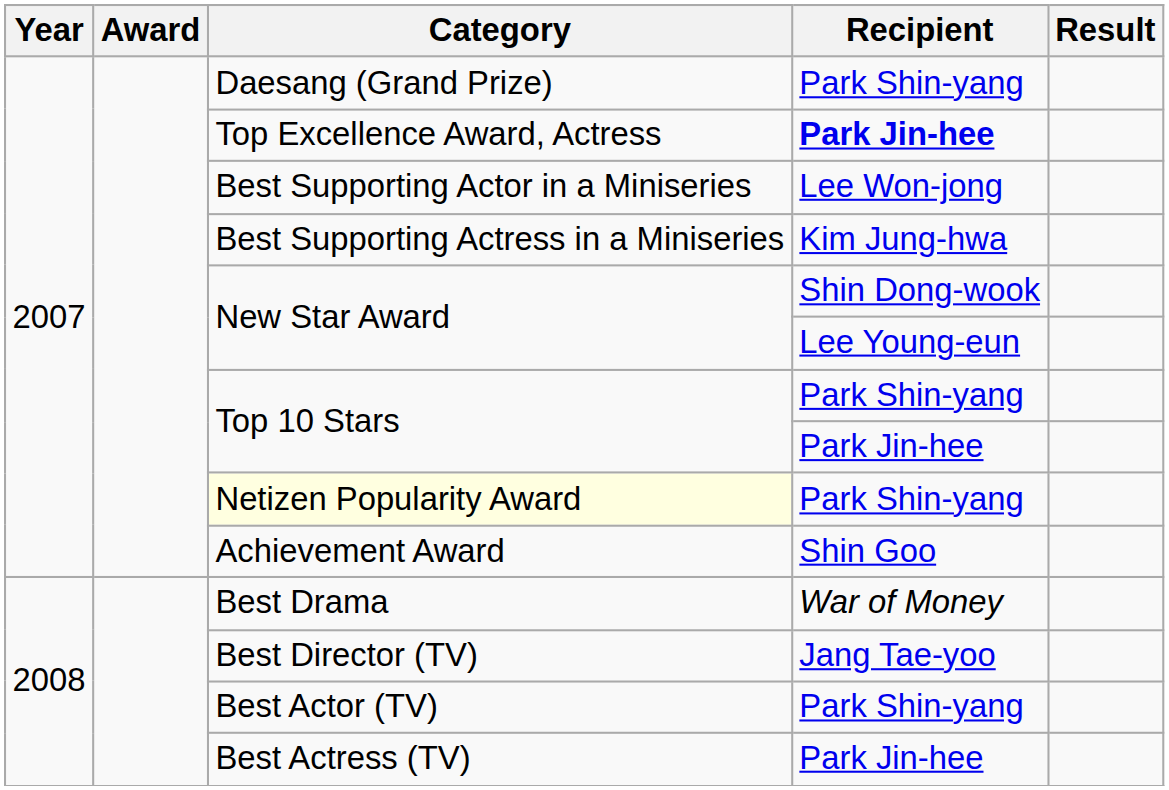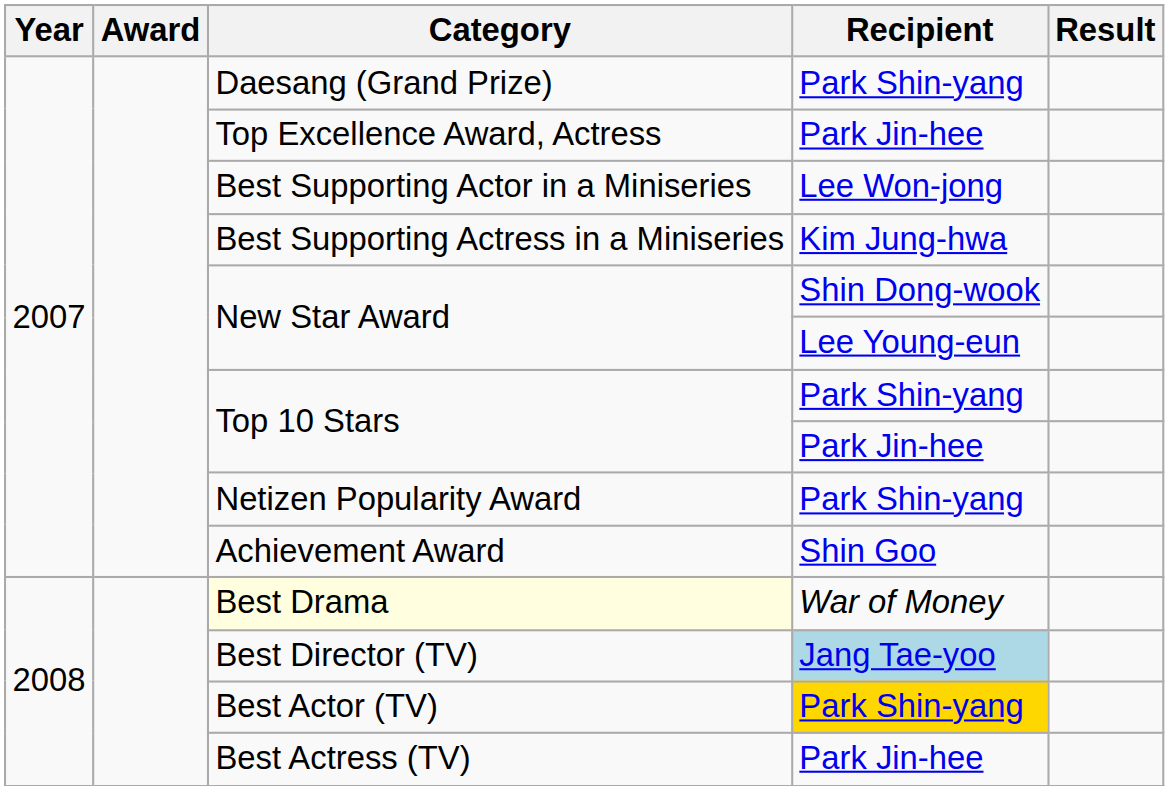 <table class="wikitable">
 <tr>
 <th>Year</th>
 <th>Award</th>
 <th>Category</th>
 <th>Recipient</th>
 <th>Result</th>
 </tr>
 <tr>
 <td rowspan=10>2007</td>
 <td rowspan=10></td>
 <td>Daesang (Grand Prize)</td>
 <td><a href='#'>Park Shin-yang</a></td>
 <td></td>
 </tr>
 <tr>
 <td>Top Excellence Award, Actress</td>
-<td><strong><a href='#'>Park Jin-hee</a></strong></td>
+<td><a href='#'>Park Jin-hee</a></td>
 <td></td>
 </tr>
 <tr>
 <td>Best Supporting Actor in a Miniseries</td>
 <td><a href='#'>Lee Won-jong</a></td>
 <td></td>
 </tr>
 <tr>
 <td>Best Supporting Actress in a Miniseries</td>
 <td><a href='#'>Kim Jung-hwa</a></td>
 <td></td>
 </tr>
 <tr>
 <td rowspan=2>New Star Award</td>
 <td><a href='#'>Shin Dong-wook</a></td>
 <td></td>
 </tr>
 <tr>
 <td><a href='#'>Lee Young-eun</a></td>
 <td></td>
 </tr>
 <tr>
 <td rowspan=2>Top 10 Stars</td>
 <td><a href='#'>Park Shin-yang</a></td>
 <td></td>
 </tr>
 <tr>
 <td><a href='#'>Park Jin-hee</a></td>
 <td></td>
 </tr>
 <tr>
-<td style="background: lightyellow;">Netizen Popularity Award</td>
+<td>Netizen Popularity Award</td>
 <td><a href='#'>Park Shin-yang</a></td>
 <td></td>
 </tr>
 <tr>
 <td>Achievement Award</td>
 <td><a href='#'>Shin Goo</a></td>
 <td></td>
 </tr>
 <tr>
 <td rowspan=4>2008</td>
 <td rowspan=4></td>
-<td>Best Drama</td>
+<td style="background: lightyellow;">Best Drama</td>
 <td><em>War of Money</em></td>
 <td></td>
 </tr>
 <tr>
 <td>Best Director (TV)</td>
-<td><a href='#'>Jang Tae-yoo</a></td>
+<td style="background: lightblue;"><a href='#'>Jang Tae-yoo</a></td>
 <td></td>
 </tr>
 <tr>
 <td>Best Actor (TV)</td>
-<td><a href='#'>Park Shin-yang</a></td>
+<td style="background: gold;"><a href='#'>Park Shin-yang</a></td>
 <td></td>
 </tr>
 <tr>
 <td>Best Actress (TV)</td>
 <td><a href='#'>Park Jin-hee</a></td>
 <td></td>
 </tr>
 <tr>
 </tr>
 </table>
